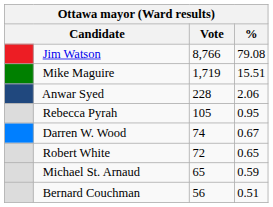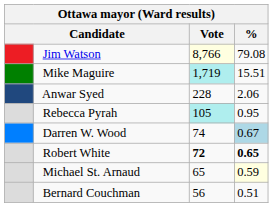 <table class="wikitable">
 <tr>
 <th colspan="4">Ottawa mayor (Ward results)</th>
 </tr>
 <tr>
 <th bgcolor="#DDDDFF" width="230px" colspan="2">Candidate</th>
 <th bgcolor="#DDDDFF" width="50px">Vote</th>
 <th bgcolor="#DDDDFF" width="30px">%</th>
 </tr>
 <tr>
 <td bgcolor=#ED1D24 width="30px"> </td>
 <td>  <a href='#'>Jim Watson</a></td>
-<td>8,766</td>
+<td style="background: lightyellow;">8,766</td>
 <td>79.08</td>
 </tr>
 <tr>
 <td bgcolor=#008000 width="30px"> </td>
 <td>  Mike Maguire</td>
-<td>1,719</td>
+<td style="background: paleturquoise;">1,719</td>
 <td>15.51</td>
 </tr>
 <tr>
 <td bgcolor=#20487E width="30px"> </td>
 <td>  Anwar Syed</td>
 <td>228</td>
 <td>2.06</td>
 </tr>
 <tr>
 <td bgcolor=#DCDCDC width="30px"> </td>
 <td>  Rebecca Pyrah</td>
-<td>105</td>
+<td style="background: paleturquoise;">105</td>
 <td>0.95</td>
 </tr>
 <tr>
 <td bgcolor=#007FFF width="30px"> </td>
 <td>  Darren W. Wood</td>
 <td>74</td>
-<td>0.67</td>
+<td style="background: lightblue;">0.67</td>
 </tr>
 <tr>
 <td bgcolor=#DCDCDC width="30px"> </td>
 <td>  Robert White</td>
-<td>72</td>
-<td>0.65</td>
+<td><strong>72</strong></td>
+<td><strong>0.65</strong></td>
 </tr>
 <tr>
 <td bgcolor=#DCDCDC width="30px"> </td>
 <td>  Michael St. Arnaud</td>
 <td>65</td>
-<td>0.59</td>
+<td style="background: lightyellow;">0.59</td>
 </tr>
 <tr>
 <td bgcolor=#DCDCDC width="30px"> </td>
 <td>  Bernard Couchman</td>
 <td>56</td>
 <td>0.51</td>
 </tr>
 </table>
